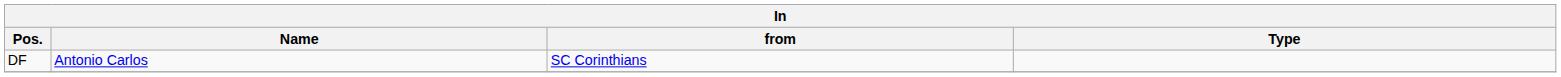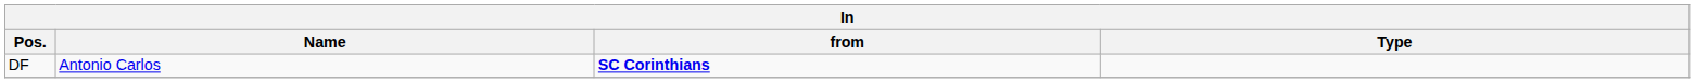 <table class="wikitable" style="font-size:90%; width:99%">
 <tr>
 <th colspan="4">In</th>
 </tr>
 <tr>
 <th width=3%>Pos.</th>
 <th width=32%>Name</th>
 <th width=30%>from</th>
 <th width=35%>Type</th>
 </tr>
 <tr>
 <td>DF</td>
 <td><a href='#'>Antonio Carlos</a></td>
-<td><a href='#'>SC Corinthians</a></td>
+<td><strong><a href='#'>SC Corinthians</a></strong></td>
 <td></td>
 </tr>
 <tr>
 </tr>
 </table>
